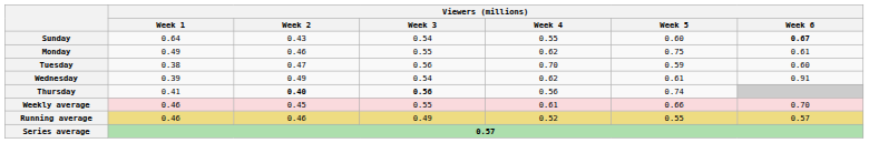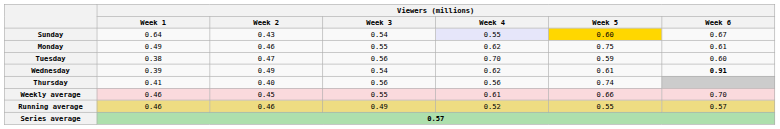 <table class="wikitable" style="font-size:90%; text-align:center; width: 100%; margin-left: auto; margin-right: auto;">
 <tr>
 <th scope="col" rowspan="2" style="width:12%;"></th>
 <th scope=col colspan=13>Viewers (millions)</th>
 </tr>
 <tr>
 <th>Week 1</th>
 <th>Week 2</th>
 <th>Week 3</th>
 <th>Week 4</th>
 <th>Week 5</th>
 <th>Week 6</th>
 </tr>
 <tr>
 <th>Sunday</th>
 <td>0.64</td>
 <td>0.43</td>
 <td>0.54</td>
-<td>0.55</td>
-<td>0.60</td>
-<td><strong>0.67</strong></td>
+<td style="background: lavender;">0.55</td>
+<td style="background: gold;">0.60</td>
+<td>0.67</td>
 </tr>
 <tr>
 <th>Monday</th>
 <td>0.49</td>
 <td>0.46</td>
 <td>0.55</td>
 <td>0.62</td>
 <td>0.75</td>
 <td>0.61</td>
 </tr>
 <tr>
 <th>Tuesday</th>
 <td>0.38</td>
 <td>0.47</td>
 <td>0.56</td>
 <td>0.70</td>
 <td>0.59</td>
 <td>0.60</td>
 </tr>
 <tr>
 <th>Wednesday</th>
 <td>0.39</td>
 <td>0.49</td>
 <td>0.54</td>
 <td>0.62</td>
 <td>0.61</td>
-<td>0.91</td>
+<td><strong>0.91</strong></td>
 </tr>
 <tr>
 <th>Thursday</th>
 <td>0.41</td>
-<td><strong>0.40</strong></td>
-<td><strong>0.56</strong></td>
+<td>0.40</td>
+<td>0.56</td>
 <td>0.56</td>
 <td>0.74</td>
 <td bgcolor="#CCCCCC"></td>
 </tr>
 <tr>
 <th>Weekly average</th>
 <td style="background:#FADADD;">0.46</td>
 <td style="background:#FADADD;">0.45</td>
 <td style="background:#FADADD;">0.55</td>
 <td style="background:#FADADD;">0.61</td>
 <td style="background:#FADADD;">0.66</td>
 <td style="background:#FADADD;">0.70</td>
 </tr>
 <tr>
 <th>Running average</th>
 <td style="background:#EEDC82;">0.46</td>
 <td style="background:#EEDC82;">0.46</td>
 <td style="background:#EEDC82;">0.49</td>
 <td style="background:#EEDC82;">0.52</td>
 <td style="background:#EEDC82;">0.55</td>
 <td style="background:#EEDC82;">0.57</td>
 </tr>
 <tr>
 <th>Series average</th>
 <td colspan="6" style="background:#ADDFAD;"><strong>0.57</strong></td>
 </tr>
 </table>
